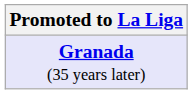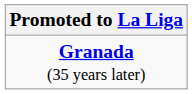 <table class="wikitable" style="text-align: center; margin: 0 auto;">
 <tr>
 <th colspan="2">Promoted to <a href='#'>La Liga</a></th>
 </tr>
 <tr>
-<td style="background: lavender;"><strong><a href='#'>Granada</a></strong><br><small>(35 years later)</small></td>
+<td><strong><a href='#'>Granada</a></strong><br><small>(35 years later)</small></td>
 </tr>
 </table>
